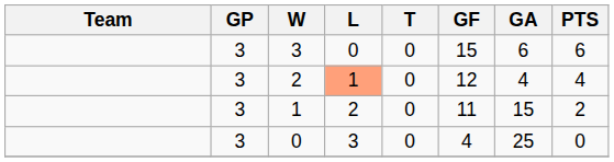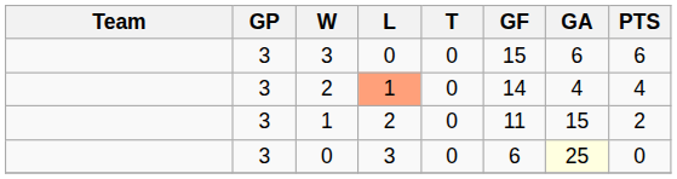 <table class="wikitable" style="text-align:center;">
 <tr>
 <th width=165>Team</th>
 <th width=40>GP</th>
 <th width=40>W</th>
 <th width=40>L</th>
 <th width=40>T</th>
 <th width=40>GF</th>
 <th width=40>GA</th>
 <th width=40>PTS</th>
 </tr>
 <tr>
 <td style="text-align:left;"></td>
 <td>3</td>
 <td>3</td>
 <td>0</td>
 <td>0</td>
 <td>15</td>
 <td>6</td>
 <td>6</td>
 </tr>
 <tr>
 <td style="text-align:left;"></td>
 <td>3</td>
 <td>2</td>
 <td style="background: lightsalmon;">1</td>
 <td>0</td>
-<td>12</td>
+<td>14</td>
 <td>4</td>
 <td>4</td>
 </tr>
 <tr>
 <td style="text-align:left;"></td>
 <td>3</td>
 <td>1</td>
 <td>2</td>
 <td>0</td>
 <td>11</td>
 <td>15</td>
 <td>2</td>
 </tr>
 <tr>
 <td style="text-align:left;"></td>
 <td>3</td>
 <td>0</td>
 <td>3</td>
 <td>0</td>
-<td>4</td>
-<td>25</td>
+<td>6</td>
+<td style="background: lightyellow;">25</td>
 <td>0</td>
 </tr>
 <tr>
 </tr>
 </table>
